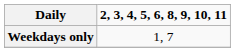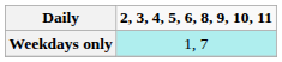 <table class="wikitable" style="text-align:center;">
 <tr>
 <th>Daily</th>
 <td><strong>2, 3, 4, 5, 6, 8, 9, 10, 11</strong></td>
 </tr>
 <tr>
 <th rowspan=1>Weekdays only</th>
-<td>1, 7</td>
+<td style="background: paleturquoise;">1, 7</td>
 </tr>
 <tr bgcolor=palegreen>
 </tr>
 <tr>
 </tr>
 </table>
